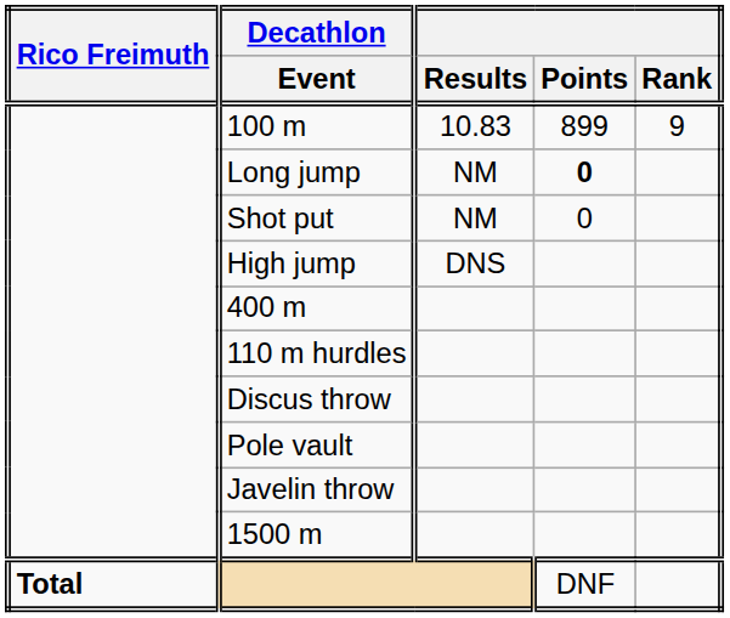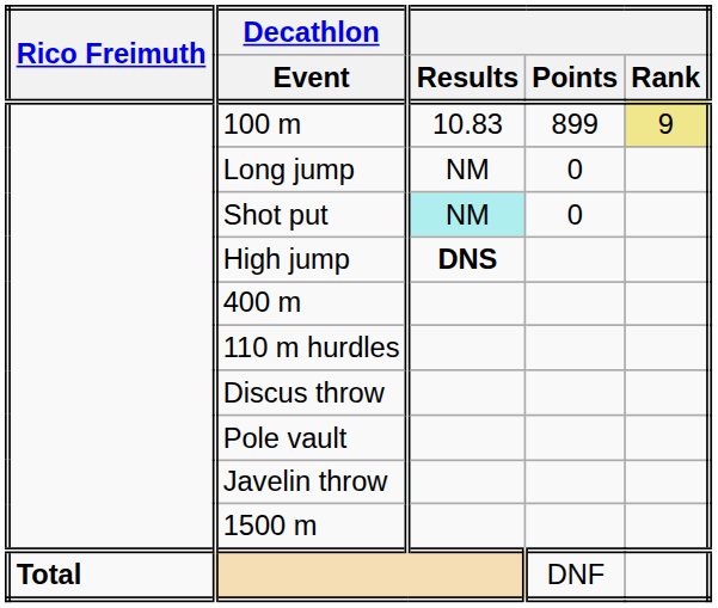 <table class=wikitable style="font-size:90%; border: double;">
 <tr>
 <th style="border-right:double" rowspan="2"><a href='#'>Rico Freimuth</a></th>
 <th style="border-right:double"><a href='#'>Decathlon</a></th>
 <th colspan="3"></th>
 </tr>
 <tr>
 <th style="border-right:double">Event</th>
 <th>Results</th>
 <th>Points</th>
 <th>Rank</th>
 </tr>
 <tr style="border-top: double;">
 <td style="border-right:double" rowspan="10"></td>
 <td style="border-right:double">100 m</td>
 <td align=center>10.83</td>
 <td align=center>899</td>
-<td align=center>9</td>
+<td align=center style="background: khaki;">9</td>
 </tr>
 <tr>
 <td style="border-right:double">Long jump</td>
-<td align=center>NM</td>
-<td align=center><strong>0</strong></td>
-<td align=center></td>
-</tr>
-<tr>
-<td style="border-right:double">Shot put</td>
 <td align=center>NM</td>
 <td align=center>0</td>
 <td align=center></td>
 </tr>
 <tr>
+<td style="border-right:double">Shot put</td>
+<td align=center style="background: paleturquoise;">NM</td>
+<td align=center>0</td>
+<td align=center></td>
+</tr>
+<tr>
 <td style="border-right:double">High jump</td>
-<td align=center>DNS</td>
+<td align=center><strong>DNS</strong></td>
 <td align=center></td>
 <td align=center></td>
 </tr>
 <tr>
 <td style="border-right:double">400 m</td>
 <td align=center></td>
 <td align=center></td>
 <td align=center></td>
 </tr>
 <tr>
 <td style="border-right:double">110 m hurdles</td>
 <td align=center></td>
 <td align=center></td>
 <td align=center></td>
 </tr>
 <tr>
 <td style="border-right:double">Discus throw</td>
 <td align=center></td>
 <td align=center></td>
 <td align=center></td>
 </tr>
 <tr>
 <td style="border-right:double">Pole vault</td>
 <td align=center></td>
 <td align=center></td>
 <td align=center></td>
 </tr>
 <tr>
 <td style="border-right:double">Javelin throw</td>
 <td align=center></td>
 <td align=center></td>
 <td align=center></td>
 </tr>
 <tr>
 <td style="border-right:double">1500 m</td>
 <td align=center></td>
 <td align=center></td>
 <td align=center></td>
 </tr>
 <tr style="border-top: double;">
 <td style="border-right:double"><strong>Total</strong></td>
 <td colspan="2" style="background:wheat; border-right:double;"></td>
 <td align=center>DNF</td>
 <td align=center></td>
 </tr>
 </table>
